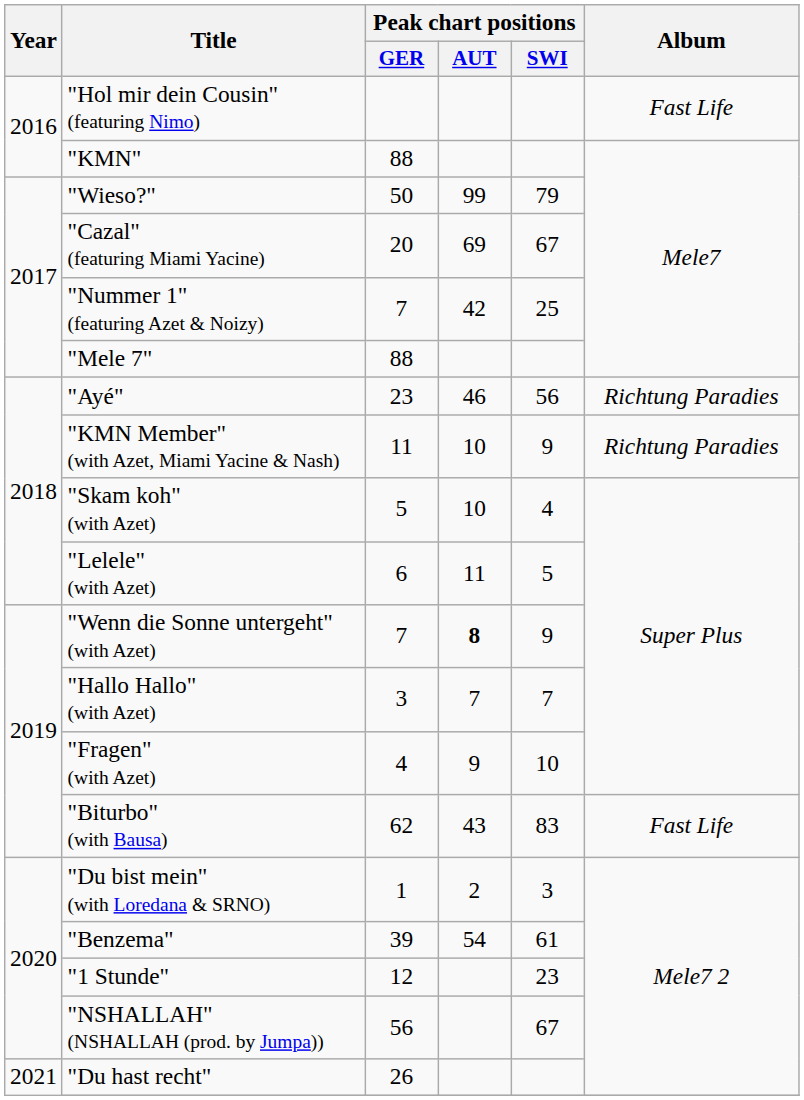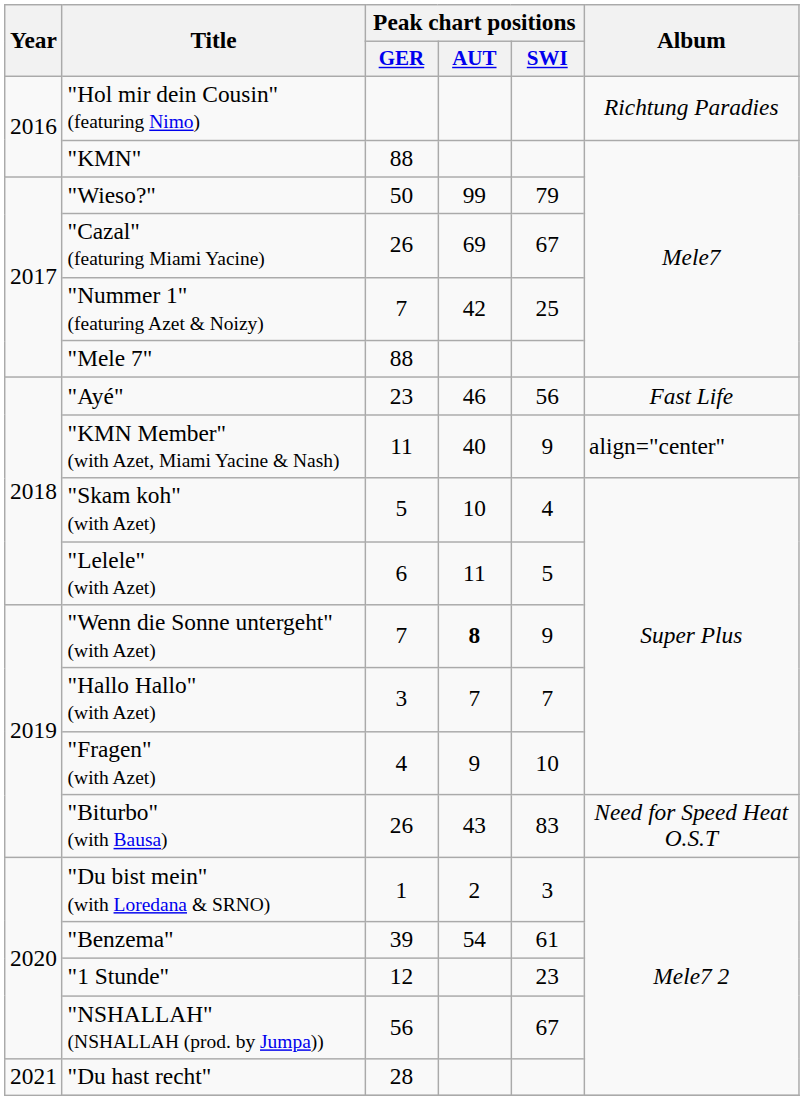 <table class="wikitable">
 <tr style="background: #eeeeee;">
 <th style="width: 20px;" rowspan="2">Year</th>
 <th style="width: 200px;" rowspan="2">Title</th>
 <th colspan="3">Peak chart positions</th>
 <th style="width: 140px;" rowspan="2">Album</th>
 </tr>
 <tr style="background: #eeeeee;">
 <th scope="col" style="width:3em;font-size:90%;"><a href='#'>GER</a><br></th>
 <th scope="col" style="width:3em;font-size:90%;"><a href='#'>AUT</a><br></th>
 <th scope="col" style="width:3em;font-size:90%;"><a href='#'>SWI</a><br></th>
 </tr>
 <tr>
 <td rowspan=2>2016</td>
 <td>"Hol mir dein Cousin" <br><small>(featuring <a href='#'>Nimo</a>)</small></td>
 <td align="center"></td>
 <td align="center"></td>
 <td align="center"></td>
-<td align="center"><em>Fast Life</em></td>
+<td align="center"><em>Richtung Paradies</em></td>
 </tr>
 <tr>
 <td>"KMN"</td>
 <td align="center">88</td>
 <td align="center"></td>
 <td align="center"></td>
 <td align="center" rowspan=5><em>Mele7</em></td>
 </tr>
 <tr>
 <td rowspan=4>2017</td>
 <td>"Wieso?"</td>
 <td align="center">50</td>
 <td align="center">99</td>
 <td align="center">79</td>
 </tr>
 <tr>
 <td>"Cazal" <br><small>(featuring Miami Yacine)</small></td>
-<td align="center">20</td>
+<td align="center">26</td>
 <td align="center">69</td>
 <td align="center">67</td>
 </tr>
 <tr>
 <td>"Nummer 1" <br><small>(featuring Azet & Noizy)</small></td>
 <td align="center">7</td>
 <td align="center">42</td>
 <td align="center">25</td>
 </tr>
 <tr>
 <td>"Mele 7"</td>
 <td align="center">88</td>
 <td align="center"></td>
 <td align="center"></td>
 </tr>
 <tr>
 <td rowspan=4>2018</td>
 <td>"Ayé"</td>
 <td align="center">23</td>
 <td align="center">46</td>
 <td align="center">56</td>
-<td align="center"><em>Richtung Paradies</em></td>
+<td align="center"><em>Fast Life</em></td>
 </tr>
 <tr>
 <td>"KMN Member" <br><small>(with Azet, Miami Yacine & Nash)</small></td>
 <td align="center">11</td>
-<td align="center">10</td>
+<td align="center">40</td>
 <td align="center">9</td>
-<td align="center"><em>Richtung Paradies</em></td>
+<td>align="center" </td>
 </tr>
 <tr>
 <td>"Skam koh" <br><small>(with Azet)</small></td>
 <td align="center">5</td>
 <td align="center">10</td>
 <td align="center">4</td>
 <td align="center" rowspan=5><em>Super Plus</em></td>
 </tr>
 <tr>
 <td>"Lelele" <br><small>(with Azet)</small></td>
 <td align="center">6</td>
 <td align="center">11</td>
 <td align="center">5</td>
 </tr>
 <tr>
 <td rowspan=4>2019</td>
 <td>"Wenn die Sonne untergeht" <br><small>(with Azet)</small></td>
 <td align="center">7</td>
 <td align="center"><strong>8</strong></td>
 <td align="center">9</td>
 </tr>
 <tr>
 <td>"Hallo Hallo" <br><small>(with Azet)</small></td>
 <td align="center">3</td>
 <td align="center">7</td>
 <td align="center">7</td>
 </tr>
 <tr>
 <td>"Fragen" <br><small>(with Azet)</small></td>
 <td align="center">4</td>
 <td align="center">9</td>
 <td align="center">10</td>
 </tr>
 <tr>
 <td>"Biturbo" <br><small>(with <a href='#'>Bausa</a>)</small></td>
-<td align="center">62</td>
+<td align="center">26</td>
 <td align="center">43</td>
 <td align="center">83</td>
-<td align="center"><em>Fast Life</em></td>
+<td align="center"><em>Need for Speed Heat O.S.T</em></td>
 </tr>
 <tr>
 <td rowspan=4>2020</td>
 <td>"Du bist mein" <br><small>(with <a href='#'>Loredana</a> & SRNO)</small></td>
 <td align="center">1</td>
 <td align="center">2</td>
 <td align="center">3</td>
 <td align="center" rowspan=5><em>Mele7 2</em></td>
 </tr>
 <tr>
 <td>"Benzema"</td>
 <td align="center">39</td>
 <td align="center">54</td>
 <td align="center">61</td>
 </tr>
 <tr>
 <td>"1 Stunde"</td>
 <td align="center">12</td>
 <td align="center"></td>
 <td align="center">23</td>
 </tr>
 <tr>
 <td>"NSHALLAH" <br><small>(NSHALLAH (prod. by <a href='#'>Jumpa</a>))</small></td>
 <td align="center">56</td>
 <td align="center"></td>
 <td align="center">67</td>
 </tr>
 <tr>
 <td rowspan=4>2021</td>
 <td>"Du hast recht"</td>
-<td align="center">26</td>
+<td align="center">28</td>
 <td align="center"></td>
 <td align="center"></td>
 </tr>
 <tr>
 </tr>
 </table>
